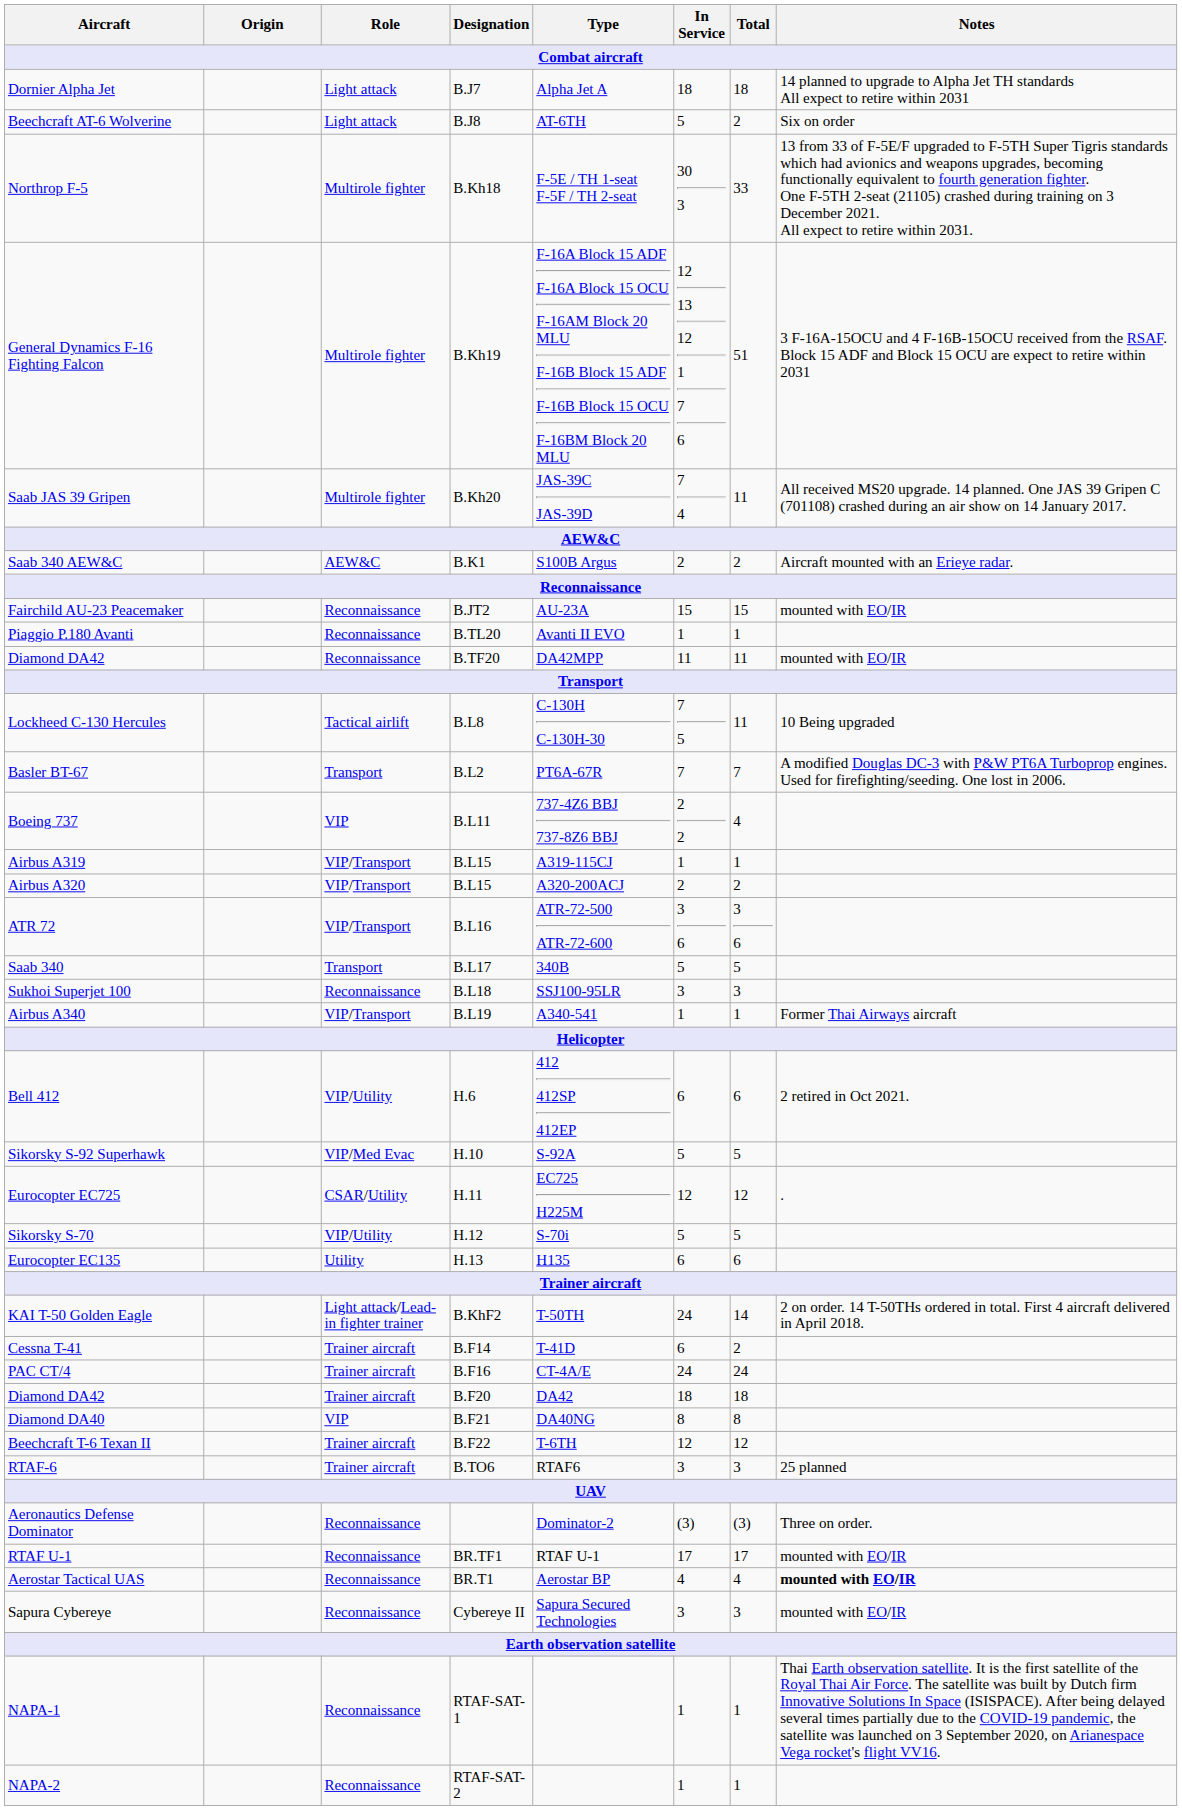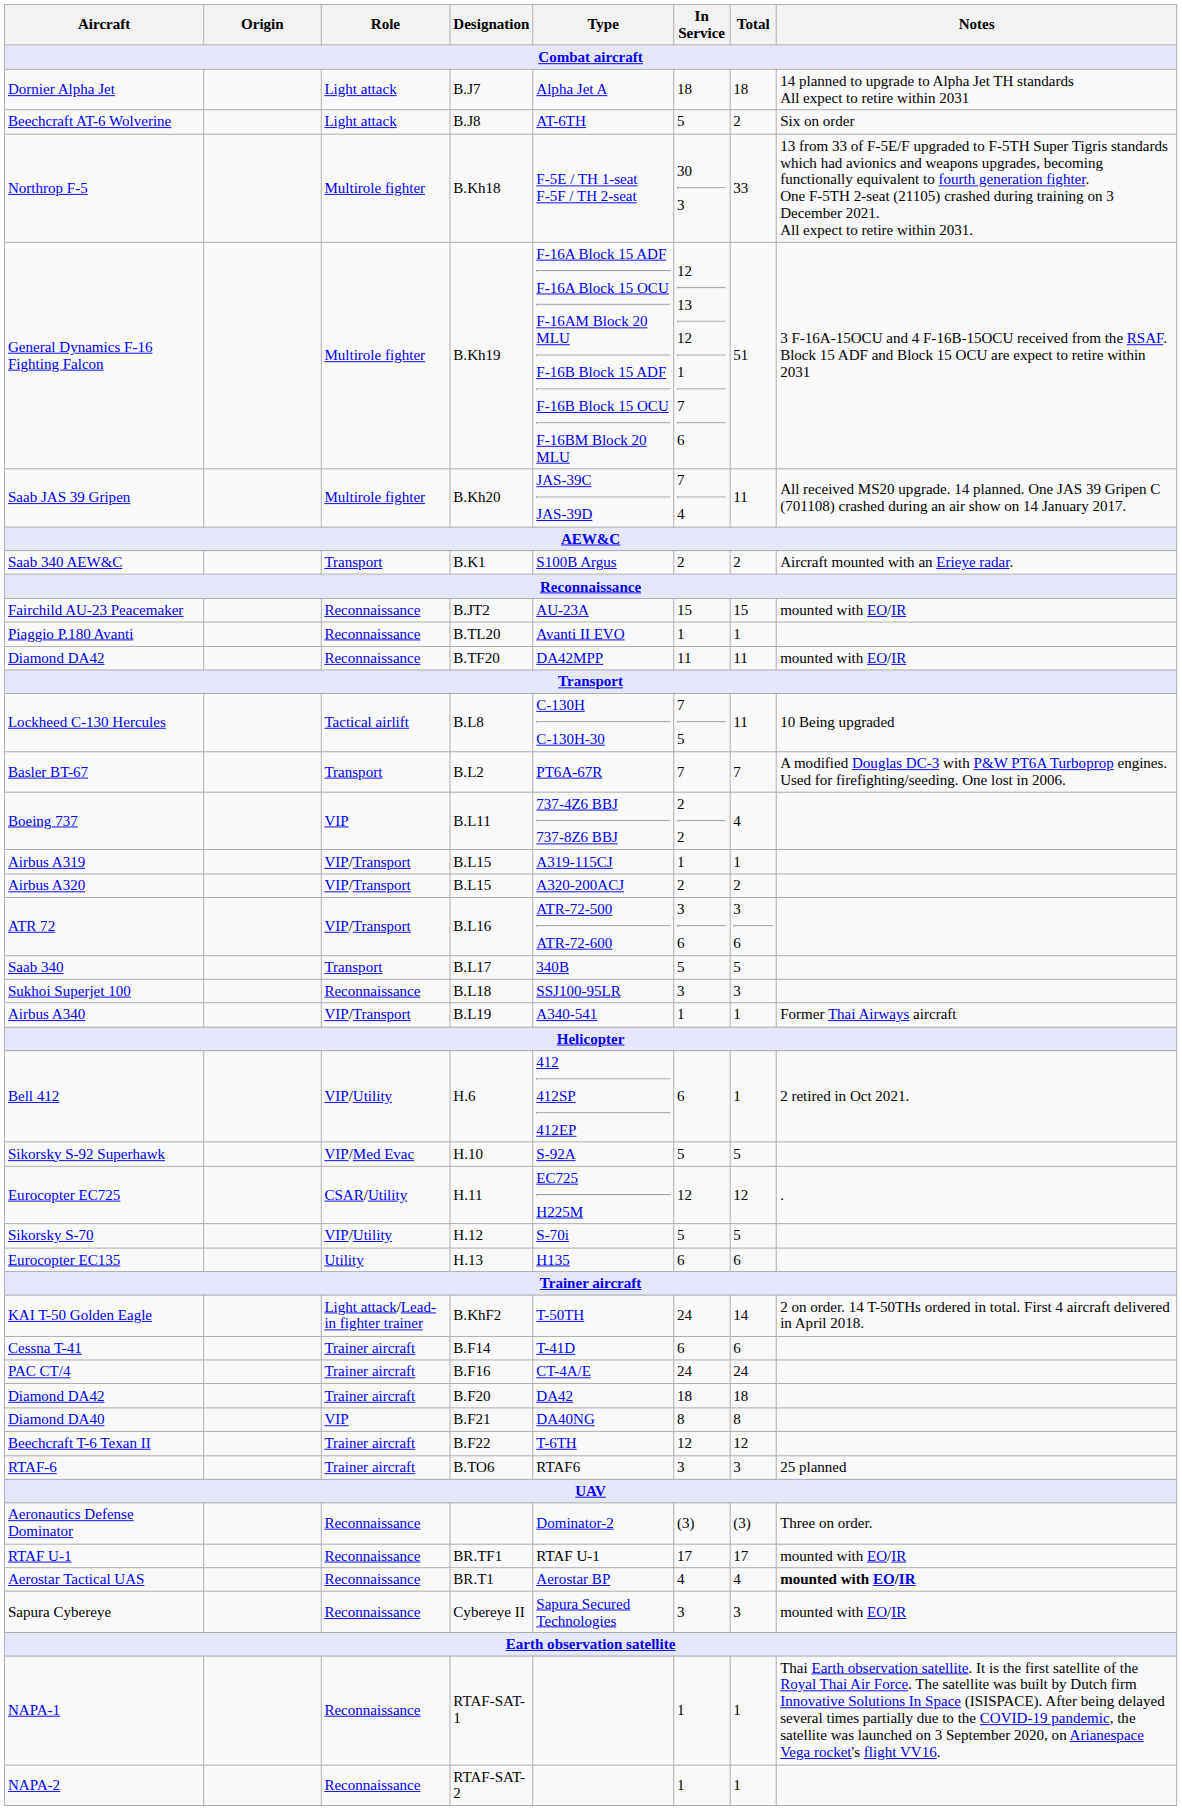 <table class="wikitable">
 <tr>
 <th width="17%">Aircraft</th>
 <th width="10%">Origin</th>
 <th width="11%">Role</th>
 <th width="4%">Designation</th>
 <th width="12%">Type</th>
 <th>In Service</th>
 <th width="4%">Total</th>
 <th>Notes</th>
 </tr>
 <tr>
 <th style="align: center; background: lavender;" colspan="8"><a href='#'>Combat aircraft</a></th>
 </tr>
 <tr>
 <td><a href='#'>Dornier Alpha Jet</a></td>
 <td></td>
 <td><a href='#'>Light attack</a></td>
 <td>B.J7</td>
 <td><a href='#'>Alpha Jet A</a></td>
 <td>18</td>
 <td>18</td>
 <td>14 planned to upgrade to Alpha Jet TH standards<br>All expect to retire within 2031</td>
 </tr>
 <tr>
 <td><a href='#'>Beechcraft AT-6 Wolverine</a></td>
 <td></td>
 <td><a href='#'>Light attack</a></td>
 <td>B.J8</td>
 <td><a href='#'>AT-6TH</a></td>
 <td>5</td>
 <td>2</td>
 <td>Six on order</td>
 </tr>
 <tr>
 <td><a href='#'>Northrop F-5</a></td>
 <td></td>
 <td><a href='#'>Multirole fighter</a></td>
 <td>B.Kh18</td>
 <td><a href='#'>F-5E / TH 1-seat</a><br><a href='#'>F-5F / TH 2-seat</a></td>
 <td>30<hr>3</td>
 <td>33</td>
 <td>13 from 33 of F-5E/F upgraded to F-5TH Super Tigris standards which had avionics and weapons upgrades, becoming functionally equivalent to <a href='#'>fourth generation fighter</a>.<br>One F-5TH 2-seat (21105) crashed during training on 3 December 2021.<br>All expect to retire within 2031.</td>
 </tr>
 <tr>
 <td><a href='#'>General Dynamics F-16 Fighting Falcon</a></td>
 <td></td>
 <td><a href='#'>Multirole fighter</a></td>
 <td>B.Kh19</td>
 <td><a href='#'>F-16A Block 15 ADF</a><hr><a href='#'>F-16A Block 15 OCU</a><hr><a href='#'>F-16AM Block 20 MLU</a><hr><a href='#'>F-16B Block 15 ADF</a><hr><a href='#'>F-16B Block 15 OCU</a><hr><a href='#'>F-16BM Block 20 MLU</a></td>
 <td>12<hr>13<hr>12<hr>1<hr>7<hr>6</td>
 <td>51</td>
 <td>3 F-16A-15OCU and 4 F-16B-15OCU received from the <a href='#'>RSAF</a>.<br>Block 15 ADF and Block 15 OCU are expect to retire within 2031</td>
 </tr>
 <tr>
 <td><a href='#'>Saab JAS 39 Gripen</a></td>
 <td></td>
 <td><a href='#'>Multirole fighter</a></td>
 <td>B.Kh20</td>
 <td><a href='#'>JAS-39C</a><hr><a href='#'>JAS-39D</a></td>
 <td>7<hr>4</td>
 <td>11</td>
 <td>All received MS20 upgrade. 14 planned. One JAS 39 Gripen C (701108) crashed during an air show on 14 January 2017.</td>
 </tr>
 <tr>
 <th style="align: center; background: lavender;" colspan="9"><a href='#'>AEW&C</a></th>
 </tr>
 <tr>
 <td><a href='#'>Saab 340 AEW&C</a></td>
 <td></td>
-<td><a href='#'>AEW&C</a></td>
+<td><a href='#'>Transport</a></td>
 <td>B.K1</td>
 <td><a href='#'>S100B Argus</a></td>
 <td>2</td>
 <td>2</td>
 <td>Aircraft mounted with an <a href='#'> Erieye radar</a>.</td>
 </tr>
 <tr>
 <th style="align: center; background: lavender;" colspan="9"><a href='#'>Reconnaissance</a></th>
 </tr>
 <tr>
 <td><a href='#'>Fairchild AU-23 Peacemaker</a></td>
 <td></td>
 <td><a href='#'>Reconnaissance</a></td>
 <td>B.JT2</td>
 <td><a href='#'>AU-23A</a></td>
 <td>15</td>
 <td>15</td>
 <td>mounted with <a href='#'>EO</a>/<a href='#'>IR</a></td>
 </tr>
 <tr>
 <td><a href='#'>Piaggio P.180 Avanti</a></td>
 <td></td>
 <td><a href='#'>Reconnaissance</a></td>
 <td>B.TL20</td>
 <td><a href='#'>Avanti II EVO</a></td>
 <td>1</td>
 <td>1</td>
 <td></td>
 </tr>
 <tr>
 <td><a href='#'>Diamond DA42</a></td>
 <td></td>
 <td><a href='#'>Reconnaissance</a></td>
 <td>B.TF20</td>
 <td><a href='#'>DA42MPP</a></td>
 <td>11</td>
 <td>11</td>
 <td>mounted with <a href='#'>EO</a>/<a href='#'>IR</a></td>
 </tr>
 <tr>
 <th style="align: center; background: lavender;" colspan="9"><a href='#'>Transport</a></th>
 </tr>
 <tr>
 <td><a href='#'>Lockheed C-130 Hercules</a></td>
 <td></td>
 <td><a href='#'>Tactical airlift</a></td>
 <td>B.L8</td>
 <td><a href='#'>C-130H</a><hr><a href='#'>C-130H-30</a></td>
 <td>7<hr>5</td>
 <td>11</td>
 <td>10 Being upgraded</td>
 </tr>
 <tr>
 <td><a href='#'>Basler BT-67</a></td>
 <td></td>
 <td><a href='#'>Transport</a></td>
 <td>B.L2</td>
 <td><a href='#'>PT6A-67R</a></td>
 <td>7</td>
 <td>7</td>
 <td>A modified <a href='#'>Douglas DC-3</a> with <a href='#'>P&W PT6A Turboprop</a> engines. Used for firefighting/seeding. One lost in 2006.</td>
 </tr>
 <tr>
 <td><a href='#'>Boeing 737</a></td>
 <td></td>
 <td><a href='#'>VIP</a></td>
 <td>B.L11</td>
 <td><a href='#'>737-4Z6 BBJ</a><hr><a href='#'>737-8Z6 BBJ</a></td>
 <td>2<hr>2</td>
 <td>4</td>
 <td></td>
 </tr>
 <tr>
 <td><a href='#'>Airbus A319</a></td>
 <td></td>
 <td><a href='#'>VIP</a>/<a href='#'>Transport</a></td>
 <td>B.L15</td>
 <td><a href='#'>A319-115CJ</a></td>
 <td>1</td>
 <td>1</td>
 </tr>
 <tr>
 <td><a href='#'>Airbus A320</a></td>
 <td></td>
 <td><a href='#'>VIP</a>/<a href='#'>Transport</a></td>
 <td>B.L15</td>
 <td><a href='#'>A320-200ACJ</a></td>
 <td>2</td>
 <td>2</td>
 <td></td>
 </tr>
 <tr>
 <td><a href='#'>ATR 72</a></td>
 <td></td>
 <td><a href='#'>VIP</a>/<a href='#'>Transport</a></td>
 <td>B.L16</td>
 <td><a href='#'>ATR-72-500</a><hr><a href='#'>ATR-72-600</a></td>
 <td>3<hr>6</td>
 <td>3<hr>6</td>
 <td></td>
 </tr>
 <tr>
 <td><a href='#'>Saab 340</a></td>
 <td></td>
 <td><a href='#'>Transport</a></td>
 <td>B.L17</td>
 <td><a href='#'>340B</a></td>
 <td>5</td>
 <td>5</td>
 <td></td>
 </tr>
 <tr>
 <td><a href='#'>Sukhoi Superjet 100</a></td>
 <td></td>
 <td><a href='#'>Reconnaissance</a></td>
 <td>B.L18</td>
 <td><a href='#'>SSJ100-95LR</a></td>
 <td>3</td>
 <td>3</td>
 <td></td>
 </tr>
 <tr>
 <td><a href='#'>Airbus A340</a></td>
 <td></td>
 <td><a href='#'>VIP</a>/<a href='#'>Transport</a></td>
 <td>B.L19</td>
 <td><a href='#'>A340-541</a></td>
 <td>1</td>
 <td>1</td>
 <td>Former <a href='#'>Thai Airways</a> aircraft</td>
 </tr>
 <tr>
 <th style="align: center; background: lavender;" colspan="9"><a href='#'>Helicopter</a></th>
 </tr>
 <tr>
 <td><a href='#'>Bell 412</a></td>
 <td></td>
 <td><a href='#'>VIP</a>/<a href='#'>Utility</a></td>
 <td>H.6</td>
 <td><a href='#'>412</a><hr><a href='#'>412SP</a><hr><a href='#'>412EP</a></td>
 <td>6</td>
-<td>6</td>
+<td>1</td>
 <td>2 retired in Oct 2021.</td>
 </tr>
 <tr>
 <td><a href='#'>Sikorsky S-92 Superhawk</a></td>
 <td></td>
 <td><a href='#'>VIP</a>/<a href='#'>Med Evac</a></td>
 <td>H.10</td>
 <td><a href='#'>S-92A</a></td>
 <td>5</td>
 <td>5</td>
 <td></td>
 </tr>
 <tr>
 <td><a href='#'>Eurocopter EC725</a></td>
 <td></td>
 <td><a href='#'>CSAR</a>/<a href='#'>Utility</a></td>
 <td>H.11</td>
 <td><a href='#'>EC725</a><hr><a href='#'>H225M</a></td>
 <td>12</td>
 <td>12</td>
 <td>.</td>
 </tr>
 <tr>
 <td><a href='#'>Sikorsky S-70</a></td>
 <td></td>
 <td><a href='#'>VIP</a>/<a href='#'>Utility</a></td>
 <td>H.12</td>
 <td><a href='#'>S-70i</a></td>
 <td>5</td>
 <td>5</td>
 <td></td>
 </tr>
 <tr>
 <td><a href='#'>Eurocopter EC135</a></td>
 <td></td>
 <td><a href='#'>Utility</a></td>
 <td>H.13</td>
 <td><a href='#'>H135</a></td>
 <td>6</td>
 <td>6</td>
 <td></td>
 </tr>
 <tr>
 <th style="align: center; background: lavender;" colspan="9"><a href='#'>Trainer aircraft</a></th>
 </tr>
 <tr>
 <td><a href='#'>KAI T-50 Golden Eagle</a></td>
 <td></td>
 <td><a href='#'>Light attack</a>/<a href='#'>Lead-in fighter trainer</a></td>
 <td>B.KhF2</td>
 <td><a href='#'>T-50TH</a></td>
 <td>24</td>
 <td>14</td>
 <td>2 on order. 14 T-50THs ordered in total. First 4 aircraft delivered in April 2018.</td>
 </tr>
 <tr>
 <td><a href='#'>Cessna T-41</a></td>
 <td></td>
 <td><a href='#'>Trainer aircraft</a></td>
 <td>B.F14</td>
 <td><a href='#'>T-41D</a></td>
 <td>6</td>
-<td>2</td>
+<td>6</td>
 <td></td>
 </tr>
 <tr>
 <td><a href='#'>PAC CT/4</a></td>
 <td></td>
 <td><a href='#'>Trainer aircraft</a></td>
 <td>B.F16</td>
 <td><a href='#'>CT-4A/E</a></td>
 <td>24</td>
 <td>24</td>
 <td></td>
 </tr>
 <tr>
 <td><a href='#'>Diamond DA42</a></td>
 <td></td>
 <td><a href='#'>Trainer aircraft</a></td>
 <td>B.F20</td>
 <td><a href='#'>DA42</a></td>
 <td>18</td>
 <td>18</td>
 <td></td>
 </tr>
 <tr>
 <td><a href='#'>Diamond DA40</a></td>
 <td></td>
 <td><a href='#'>VIP</a></td>
 <td>B.F21</td>
 <td><a href='#'>DA40NG</a></td>
 <td>8</td>
 <td>8</td>
 <td></td>
 </tr>
 <tr>
 <td><a href='#'>Beechcraft T-6 Texan II</a></td>
 <td></td>
 <td><a href='#'>Trainer aircraft</a></td>
 <td>B.F22</td>
 <td><a href='#'>T-6TH</a></td>
 <td>12</td>
 <td>12</td>
 <td></td>
 </tr>
 <tr>
 <td><a href='#'>RTAF-6</a></td>
 <td></td>
 <td><a href='#'>Trainer aircraft</a></td>
 <td>B.TO6</td>
 <td>RTAF6</td>
 <td>3</td>
 <td>3</td>
 <td>25 planned</td>
 </tr>
 <tr>
 <th style="align: center; background: lavender;" colspan="9"><a href='#'>UAV</a></th>
 </tr>
 <tr>
 <td><a href='#'>Aeronautics Defense Dominator</a></td>
 <td></td>
 <td><a href='#'>Reconnaissance</a></td>
 <td></td>
 <td><a href='#'>Dominator-2</a></td>
 <td>(3)</td>
 <td>(3)</td>
 <td>Three on order.</td>
 </tr>
 <tr>
 <td><a href='#'>RTAF U-1</a></td>
 <td></td>
 <td><a href='#'>Reconnaissance</a></td>
 <td>BR.TF1</td>
 <td>RTAF U-1</td>
 <td>17</td>
 <td>17</td>
 <td>mounted with <a href='#'>EO</a>/<a href='#'>IR</a></td>
 </tr>
 <tr>
 <td><a href='#'>Aerostar Tactical UAS</a></td>
 <td></td>
 <td><a href='#'>Reconnaissance</a></td>
 <td>BR.T1</td>
 <td><a href='#'>Aerostar BP</a></td>
 <td>4</td>
 <td>4</td>
 <td><strong>mounted with <a href='#'>EO</a>/<a href='#'>IR</a></strong></td>
 </tr>
 <tr>
 <td>Sapura Cybereye</td>
 <td></td>
 <td><a href='#'>Reconnaissance</a></td>
 <td>Cybereye II</td>
 <td><a href='#'>Sapura Secured Technologies</a></td>
 <td>3</td>
 <td>3 </td>
 <td>mounted with <a href='#'>EO</a>/<a href='#'>IR</a></td>
 </tr>
 <tr>
 <th style="align: center; background: lavender;" colspan="9"><a href='#'>Earth observation satellite</a></th>
 </tr>
 <tr>
 <td><a href='#'>NAPA-1</a></td>
 <td></td>
 <td><a href='#'>Reconnaissance</a></td>
 <td>RTAF-SAT-1</td>
 <td></td>
 <td>1</td>
 <td>1</td>
 <td>Thai <a href='#'>Earth observation satellite</a>. It is the first satellite of the <a href='#'>Royal Thai Air Force</a>. The satellite was built by Dutch firm <a href='#'>Innovative Solutions In Space</a> (ISISPACE). After being delayed several times partially due to the <a href='#'>COVID-19 pandemic</a>, the satellite was launched on 3 September 2020, on <a href='#'>Arianespace</a> <a href='#'>Vega rocket</a>'s <a href='#'>flight VV16</a>.</td>
 </tr>
 <tr>
 <td><a href='#'>NAPA-2</a></td>
 <td></td>
 <td><a href='#'>Reconnaissance</a></td>
 <td>RTAF-SAT-2</td>
 <td></td>
 <td>1</td>
 <td>1</td>
 <td></td>
 </tr>
 </table>
